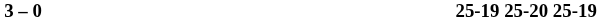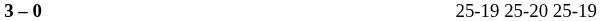 <table style="width:100%;" cellspacing="1">
 <tr>
 <th width=20%></th>
 <th width=12%></th>
 <th width=20%></th>
 <th width=33%></th>
 <td></td>
 </tr>
 <tr style=font-size:90%>
 <td align=right><strong></strong></td>
 <td align=center><strong>3 – 0</strong></td>
 <td></td>
-<td><strong>25-19 25-20 25-19</strong></td>
+<td>25-19 25-20 25-19</td>
 </tr>
 </table>
